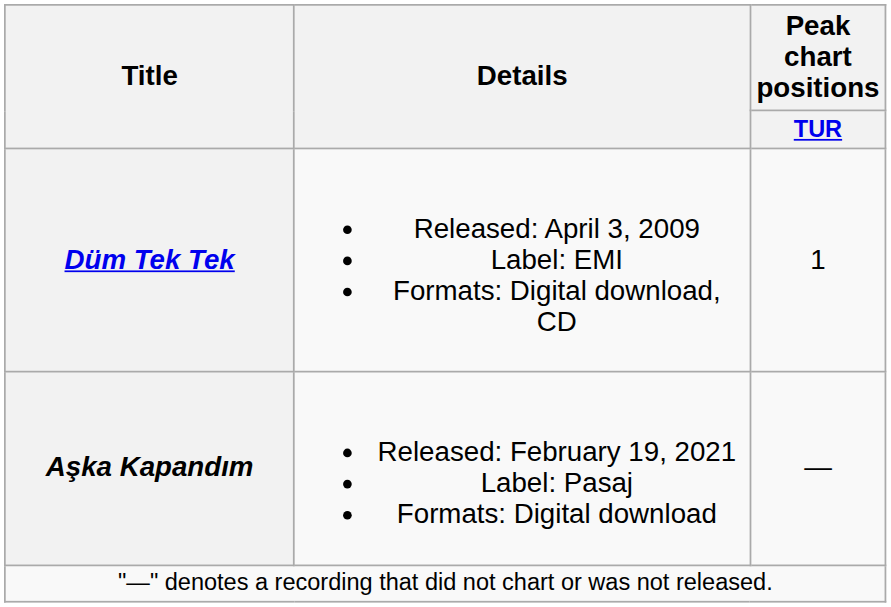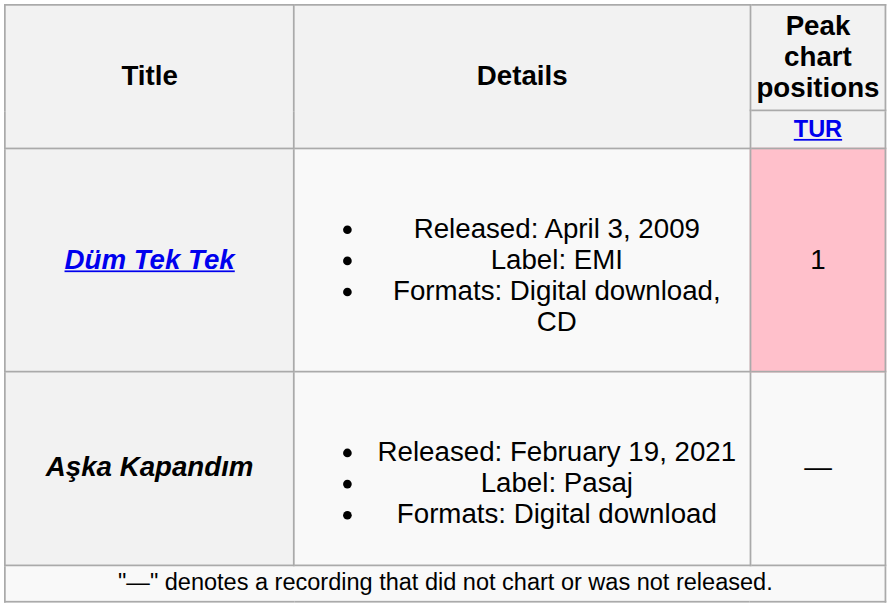 <table class="wikitable plainrowheaders" style="text-align:center;">
 <tr>
 <th scope="col" rowspan="2" style="width:10em;">Title</th>
 <th scope="col" rowspan="2" style="width:16em;">Details</th>
 <th scope="col" colspan="1">Peak chart positions</th>
 </tr>
 <tr>
 <th scope="col" style="width:3em;font-size:85%;"><a href='#'>TUR</a></th>
 </tr>
 <tr>
 <th scope="row"><em><a href='#'>Düm Tek Tek</a></em></th>
 <td><br><ul><li>Released: April 3, 2009</li><li>Label: EMI</li><li>Formats: Digital download, CD</li></ul></td>
-<td>1</td>
+<td style="background: pink;">1</td>
 </tr>
 <tr>
 <th scope="row"><em>Aşka Kapandım</em></th>
 <td><br><ul><li>Released: February 19, 2021</li><li>Label: Pasaj</li><li>Formats: Digital download</li></ul></td>
 <td>—</td>
 </tr>
 <tr>
 <td colspan="21" style="text-align:center; font-size:85%;">"—" denotes a recording that did not chart or was not released.</td>
 </tr>
 </table>
